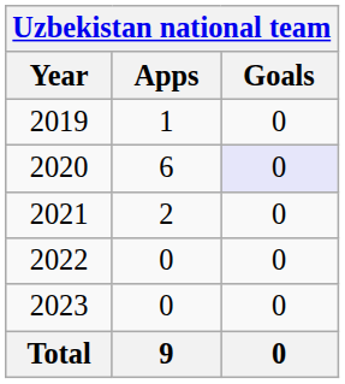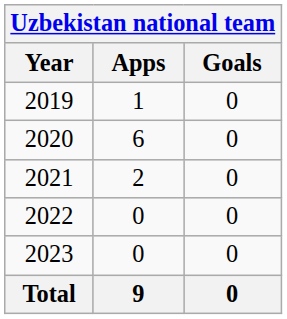 <table class="wikitable" style="text-align:center">
 <tr>
 <th colspan=3><a href='#'>Uzbekistan national team</a></th>
 </tr>
 <tr>
 <th>Year</th>
 <th>Apps</th>
 <th>Goals</th>
 </tr>
 <tr>
 <td>2019</td>
 <td>1</td>
 <td>0</td>
 </tr>
 <tr>
 <td>2020</td>
 <td>6</td>
-<td style="background: lavender;">0</td>
+<td>0</td>
 </tr>
 <tr>
 <td>2021</td>
 <td>2</td>
 <td>0</td>
 </tr>
 <tr>
 <td>2022</td>
 <td>0</td>
 <td>0</td>
 </tr>
 <tr>
 <td>2023</td>
 <td>0</td>
 <td>0</td>
 </tr>
 <tr>
 <th>Total</th>
 <th>9</th>
 <th>0</th>
 </tr>
 </table>
